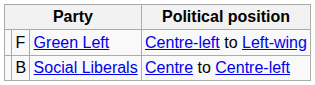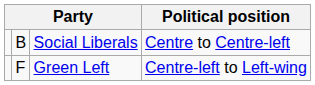 <table class="wikitable">
 <tr>
 <th colspan="3">Party</th>
 <th>Political position</th>
 </tr>
 <tr>
 <td></td>
+<td>B</td>
+<td><a href='#'>Social Liberals</a></td>
+<td><a href='#'>Centre</a> to <a href='#'>Centre-left</a></td>
+</tr>
+<tr>
+<td></td>
 <td>F</td>
 <td><a href='#'>Green Left</a></td>
 <td><a href='#'>Centre-left</a> to <a href='#'>Left-wing</a></td>
 </tr>
-<tr>
-<td></td>
-<td>B</td>
-<td><a href='#'>Social Liberals</a></td>
-<td><a href='#'>Centre</a> to <a href='#'>Centre-left</a></td>
-</tr>
 </table>
